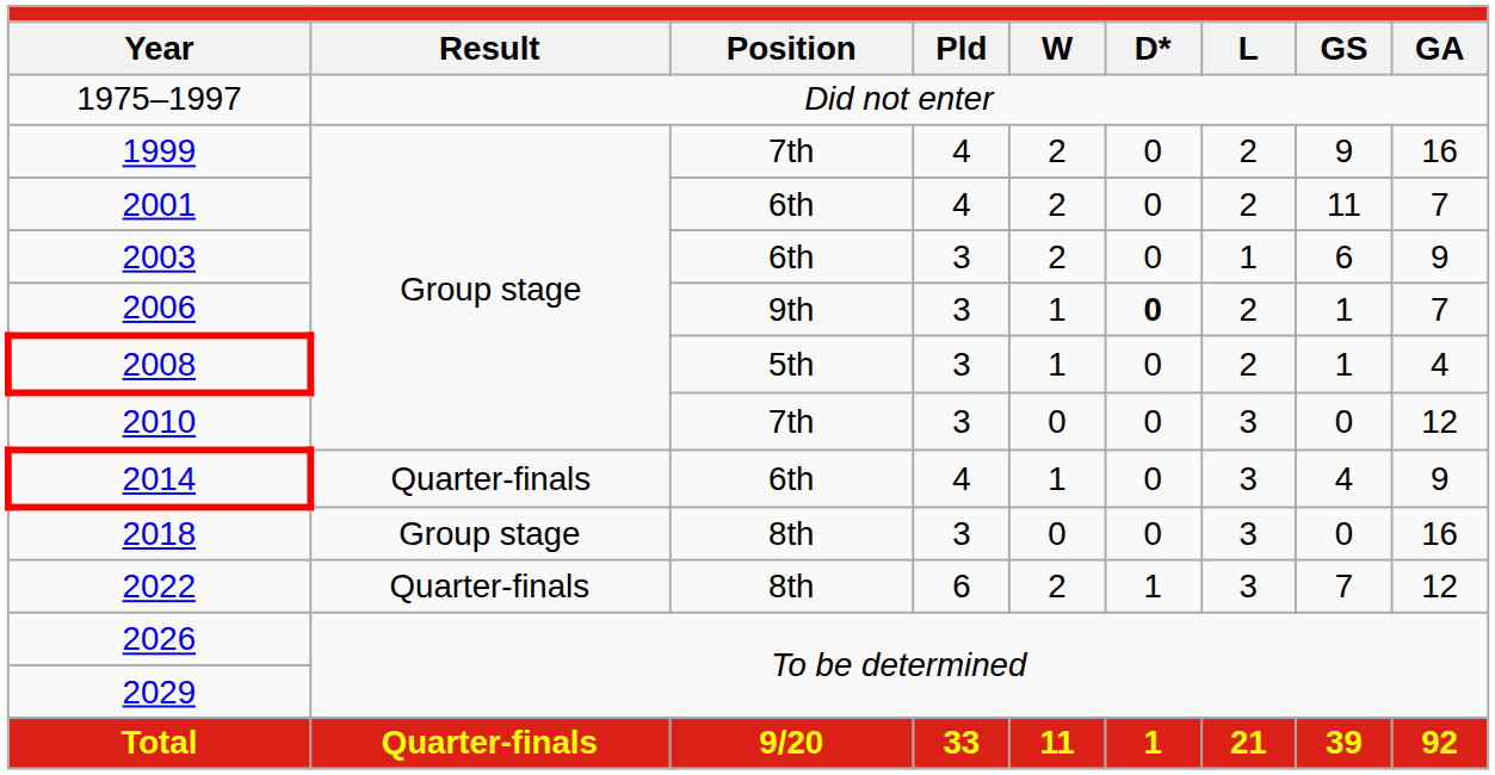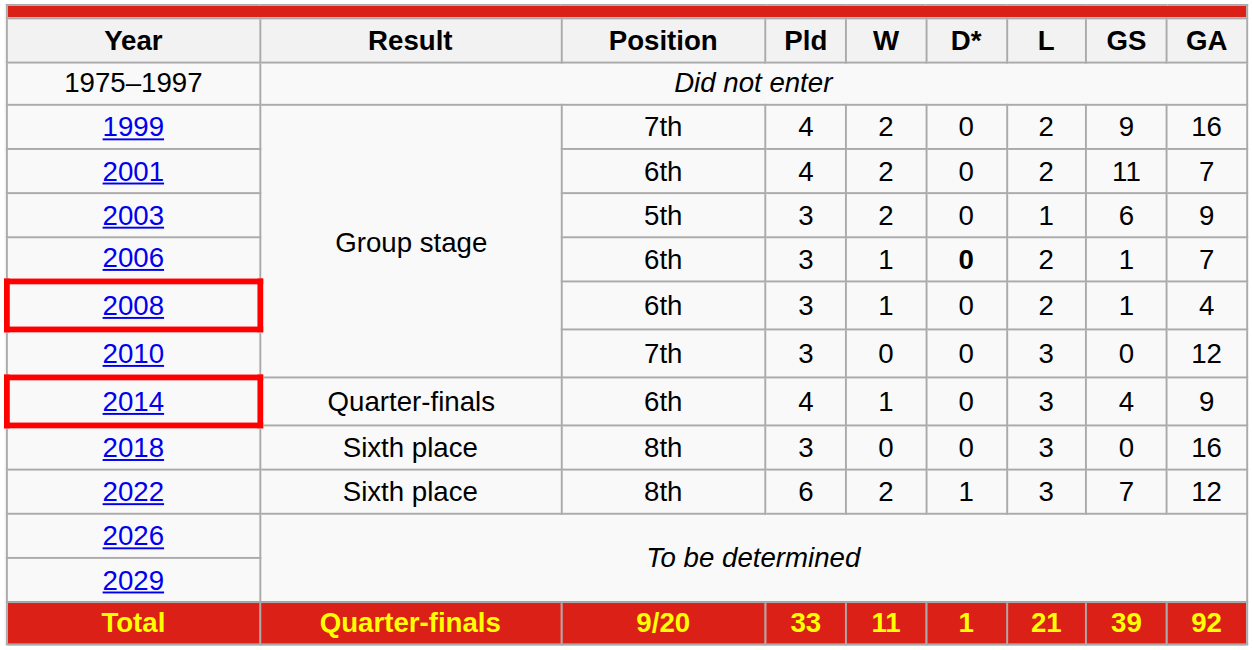 <table class="wikitable" style="text-align: center;font-size:90%;">
 <tr>
 <th colspan="9" style="background: #DB2017; color: #FFFF00;"><a href='#'></a></th>
 </tr>
 <tr>
 <th width=125>Year</th>
 <th width=150>Result</th>
 <th width=100>Position</th>
 <th width=35>Pld</th>
 <th width=35>W</th>
 <th width=35>D*</th>
 <th width=35>L</th>
 <th width=35>GS</th>
 <th width=35>GA</th>
 </tr>
 <tr>
 <td>1975–1997</td>
 <td colspan="8"><em>Did not enter</em></td>
 </tr>
 <tr>
 <td> <a href='#'>1999</a></td>
 <td rowspan="6">Group stage</td>
 <td>7th</td>
 <td>4</td>
 <td>2</td>
 <td>0</td>
 <td>2</td>
 <td>9</td>
 <td>16</td>
 </tr>
 <tr>
 <td> <a href='#'>2001</a></td>
 <td>6th</td>
 <td>4</td>
 <td>2</td>
 <td>0</td>
 <td>2</td>
 <td>11</td>
 <td>7</td>
 </tr>
 <tr>
 <td> <a href='#'>2003</a></td>
-<td>6th</td>
+<td>5th</td>
 <td>3</td>
 <td>2</td>
 <td>0</td>
 <td>1</td>
 <td>6</td>
 <td>9</td>
 </tr>
 <tr>
 <td> <a href='#'>2006</a></td>
-<td>9th</td>
+<td>6th</td>
 <td>3</td>
 <td>1</td>
 <td><strong>0</strong></td>
 <td>2</td>
 <td>1</td>
 <td>7</td>
 </tr>
 <tr>
 <td style="border:3px solid red;"> <a href='#'>2008</a></td>
-<td>5th</td>
+<td>6th</td>
 <td>3</td>
 <td>1</td>
 <td>0</td>
 <td>2</td>
 <td>1</td>
 <td>4</td>
 </tr>
 <tr>
 <td> <a href='#'>2010</a></td>
 <td>7th</td>
 <td>3</td>
 <td>0</td>
 <td>0</td>
 <td>3</td>
 <td>0</td>
 <td>12</td>
 </tr>
 <tr>
 <td style="border:3px solid red;"> <a href='#'>2014</a></td>
 <td>Quarter-finals</td>
 <td>6th</td>
 <td>4</td>
 <td>1</td>
 <td>0</td>
 <td>3</td>
 <td>4</td>
 <td>9</td>
 </tr>
 <tr>
 <td> <a href='#'>2018</a></td>
-<td>Group stage</td>
+<td>Sixth place</td>
 <td>8th</td>
 <td>3</td>
 <td>0</td>
 <td>0</td>
 <td>3</td>
 <td>0</td>
 <td>16</td>
 </tr>
 <tr>
 <td> <a href='#'>2022</a></td>
-<td>Quarter-finals</td>
+<td>Sixth place</td>
 <td>8th</td>
 <td>6</td>
 <td>2</td>
 <td>1</td>
 <td>3</td>
 <td>7</td>
 <td>12</td>
 </tr>
 <tr>
 <td> <a href='#'>2026</a></td>
 <td colspan="8" rowspan="2"><em>To be determined</em></td>
 </tr>
 <tr>
 <td> <a href='#'>2029</a></td>
 </tr>
 <tr>
 <td colspan=1 style="background: #DB2017; color: #FFFF00;"><strong>Total</strong></td>
 <td style="background: #DB2017; color: #FFFF00;"><strong>Quarter-finals</strong></td>
 <td style="background: #DB2017; color: #FFFF00;"><strong>9/20</strong></td>
 <td style="background: #DB2017; color: #FFFF00;"><strong>33</strong></td>
 <td style="background: #DB2017; color: #FFFF00;"><strong>11</strong></td>
 <td style="background: #DB2017; color: #FFFF00;"><strong>1</strong></td>
 <td style="background: #DB2017; color: #FFFF00;"><strong>21</strong></td>
 <td style="background: #DB2017; color: #FFFF00;"><strong>39</strong></td>
 <td style="background: #DB2017; color: #FFFF00;"><strong>92</strong></td>
 </tr>
 </table>
